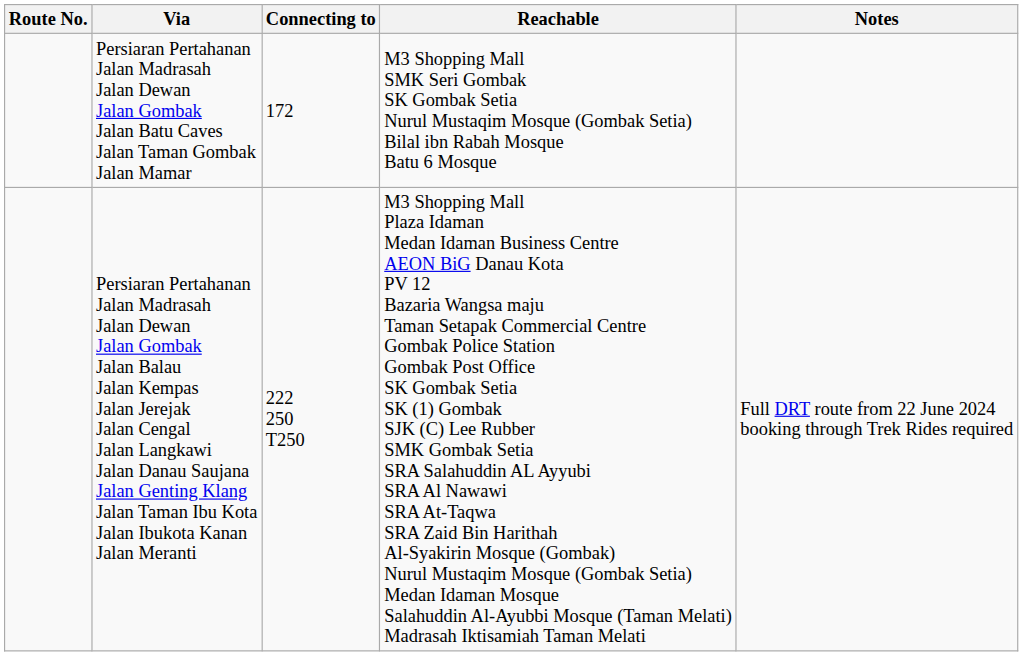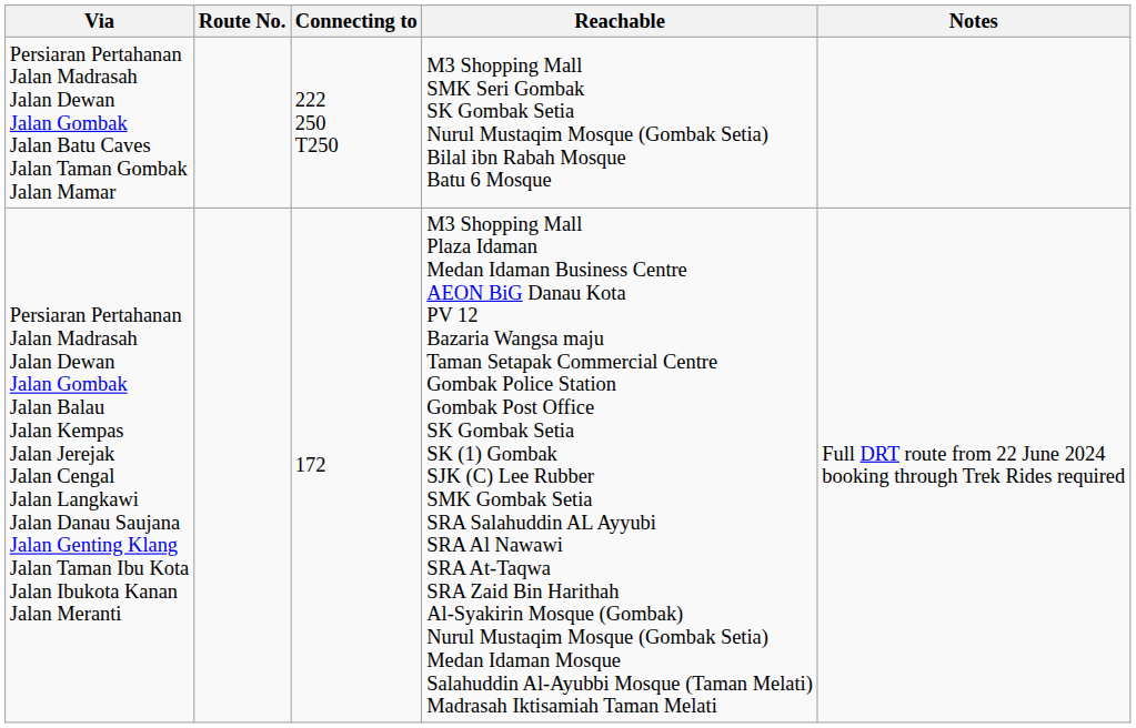 <table class="wikitable">
 <tr>
+<th>Via</th>
 <th>Route No.</th>
-<th>Via</th>
 <th>Connecting to</th>
 <th>Reachable</th>
 <th>Notes</th>
 </tr>
 <tr>
+<td>Persiaran Pertahanan <br> Jalan Madrasah <br> Jalan Dewan <br> <a href='#'>Jalan Gombak</a> <br> Jalan Batu Caves <br> Jalan Taman Gombak <br> Jalan Mamar</td>
 <td></td>
-<td>Persiaran Pertahanan <br> Jalan Madrasah <br> Jalan Dewan <br> <a href='#'>Jalan Gombak</a> <br> Jalan Batu Caves <br> Jalan Taman Gombak <br> Jalan Mamar</td>
-<td>172</td>
+<td>222 <br> 250 <br> T250</td>
 <td>M3 Shopping Mall <br> SMK Seri Gombak <br> SK Gombak Setia <br> Nurul Mustaqim Mosque (Gombak Setia) <br> Bilal ibn Rabah Mosque <br> Batu 6 Mosque</td>
 <td></td>
 </tr>
 <tr>
+<td>Persiaran Pertahanan <br> Jalan Madrasah <br> Jalan Dewan <br> <a href='#'>Jalan Gombak</a> <br> Jalan Balau <br> Jalan Kempas <br> Jalan Jerejak <br> Jalan Cengal <br> Jalan Langkawi <br> Jalan Danau Saujana  <br> <a href='#'>Jalan Genting Klang</a> <br> Jalan Taman Ibu Kota <br> Jalan Ibukota Kanan <br> Jalan Meranti</td>
 <td></td>
-<td>Persiaran Pertahanan <br> Jalan Madrasah <br> Jalan Dewan <br> <a href='#'>Jalan Gombak</a> <br> Jalan Balau <br> Jalan Kempas <br> Jalan Jerejak <br> Jalan Cengal <br> Jalan Langkawi <br> Jalan Danau Saujana  <br> <a href='#'>Jalan Genting Klang</a> <br> Jalan Taman Ibu Kota <br> Jalan Ibukota Kanan <br> Jalan Meranti</td>
-<td>222 <br> 250 <br> T250</td>
+<td>172</td>
 <td>M3 Shopping Mall <br> Plaza Idaman <br> Medan Idaman Business Centre <br> <a href='#'>AEON BiG</a> Danau Kota <br> PV 12 <br> Bazaria Wangsa maju <br> Taman Setapak Commercial Centre <br> Gombak Police Station <br> Gombak Post Office <br> SK Gombak Setia <br> SK (1) Gombak <br> SJK (C) Lee Rubber <br> SMK Gombak Setia <br> SRA Salahuddin AL Ayyubi <br> SRA Al Nawawi <br> SRA At-Taqwa <br> SRA Zaid Bin Harithah <br> Al-Syakirin Mosque (Gombak) <br> Nurul Mustaqim Mosque (Gombak Setia) <br> Medan Idaman Mosque <br> Salahuddin Al-Ayubbi Mosque (Taman Melati) <br> Madrasah Iktisamiah Taman Melati</td>
 <td>Full <a href='#'>DRT</a> route from 22 June 2024<br>booking through Trek Rides required</td>
 </tr>
 </table>
